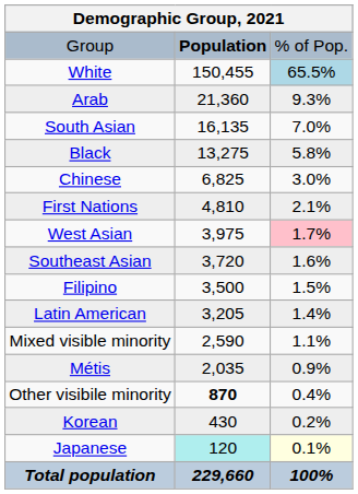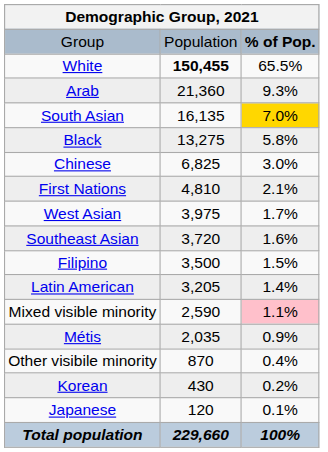 <table class="wikitable" style="float:left; margin:0 1em 1em 0; border:1px #bbb solid; border-collapse:collapse; font-size:90%;">
 <tr style="text-align:center; background:#8899aa;">
 <th colspan= "3">Demographic Group, 2021</th>
 </tr>
 <tr style="text-align:center; background:#abc;">
 <td>Group</td>
-<td><strong>Population</strong></td>
-<td>% of Pop.</td>
+<td>Population</td>
+<td><strong>% of Pop.</strong></td>
 </tr>
 <tr style="text-align:center;">
 <td><a href='#'>White</a></td>
-<td>150,455</td>
-<td style="background: lightblue;">65.5%</td>
+<td><strong>150,455</strong></td>
+<td>65.5%</td>
 </tr>
 <tr style="text-align:center; background:#eee;">
 <td><a href='#'>Arab</a></td>
 <td>21,360</td>
 <td>9.3%</td>
 </tr>
 <tr style="text-align:center;">
 <td><a href='#'>South Asian</a></td>
 <td>16,135</td>
-<td>7.0%</td>
+<td style="background: gold;">7.0%</td>
 </tr>
 <tr style="text-align:center; background:#eee;">
 <td><a href='#'>Black</a></td>
 <td>13,275</td>
 <td>5.8%</td>
 </tr>
 <tr style="text-align:center;">
 <td><a href='#'>Chinese</a></td>
 <td>6,825</td>
 <td>3.0%</td>
 </tr>
 <tr style="text-align:center; background:#eee;">
 <td><a href='#'>First Nations</a></td>
 <td>4,810</td>
 <td>2.1%</td>
 </tr>
 <tr style="text-align:center;">
 <td><a href='#'>West Asian</a></td>
 <td>3,975</td>
-<td style="background: pink;">1.7%</td>
+<td>1.7%</td>
 </tr>
 <tr style="text-align:center; background:#eee;">
 <td><a href='#'>Southeast Asian</a></td>
 <td>3,720</td>
 <td>1.6%</td>
 </tr>
 <tr style="text-align:center;">
 <td><a href='#'>Filipino</a></td>
 <td>3,500</td>
 <td>1.5%</td>
 </tr>
 <tr style="text-align:center; background:#eee;">
 <td><a href='#'>Latin American</a></td>
 <td>3,205</td>
 <td>1.4%</td>
 </tr>
 <tr style="text-align:center;">
 <td>Mixed visible minority</td>
 <td>2,590</td>
-<td>1.1%</td>
+<td style="background: pink;">1.1%</td>
 </tr>
 <tr style="text-align:center; background:#eee;">
 <td><a href='#'>Métis</a></td>
 <td>2,035</td>
 <td>0.9%</td>
 </tr>
 <tr style="text-align:center;">
 <td>Other visibile minority</td>
-<td><strong>870</strong></td>
+<td>870</td>
 <td>0.4%</td>
 </tr>
 <tr style="text-align:center; background:#eee;">
 <td><a href='#'>Korean</a></td>
 <td>430</td>
 <td>0.2%</td>
 </tr>
 <tr style="text-align:center;">
 <td><a href='#'>Japanese</a></td>
-<td style="background: paleturquoise;">120</td>
-<td style="background: lightyellow;">0.1%</td>
+<td>120</td>
+<td>0.1%</td>
 </tr>
 <tr style="text-align:center; background:#bcd;">
 <td><strong><em>Total population</em></strong></td>
 <td><strong><em>229,660</em></strong></td>
 <td><strong><em>100%</em></strong></td>
 </tr>
 </table>
